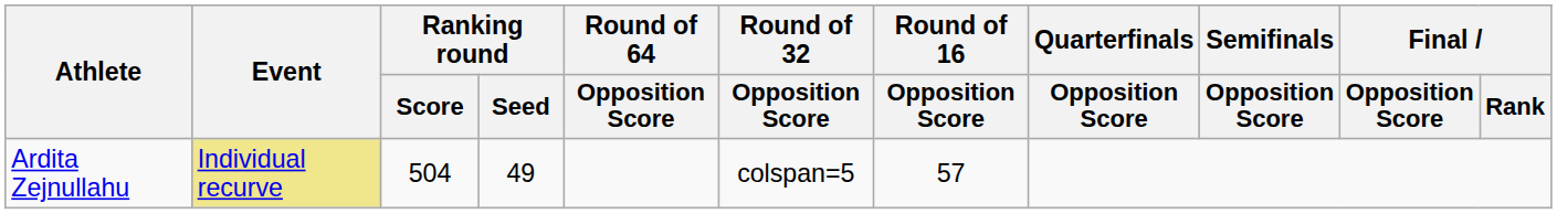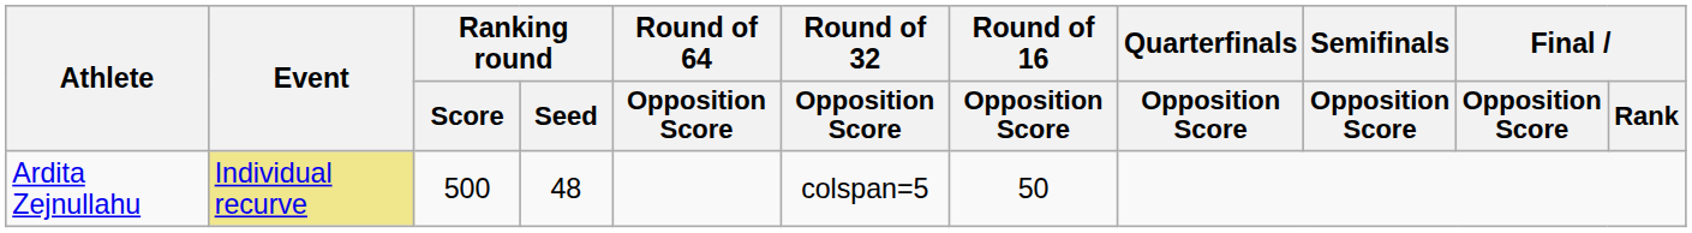 <table class="wikitable" style="text-align:center; font-size:90%">
 <tr>
 <th rowspan="2">Athlete</th>
 <th rowspan="2">Event</th>
 <th colspan="2">Ranking round</th>
 <th>Round of 64</th>
 <th>Round of 32</th>
 <th>Round of 16</th>
 <th>Quarterfinals</th>
 <th>Semifinals</th>
 <th colspan="2">Final / </th>
 </tr>
 <tr style="font-size:95%">
 <th>Score</th>
 <th>Seed</th>
 <th>Opposition<br>Score</th>
 <th>Opposition<br>Score</th>
 <th>Opposition<br>Score</th>
 <th>Opposition<br>Score</th>
 <th>Opposition<br>Score</th>
 <th>Opposition<br>Score</th>
 <th>Rank</th>
 </tr>
 <tr>
 <td align="left"><a href='#'>Ardita Zejnullahu</a></td>
 <td align="left" style="background: khaki;"><a href='#'>Individual recurve</a></td>
-<td>504</td>
-<td>49</td>
+<td>500</td>
+<td>48</td>
 <td><br></td>
 <td>colspan=5 </td>
-<td>57</td>
+<td>50</td>
 </tr>
 </table>
